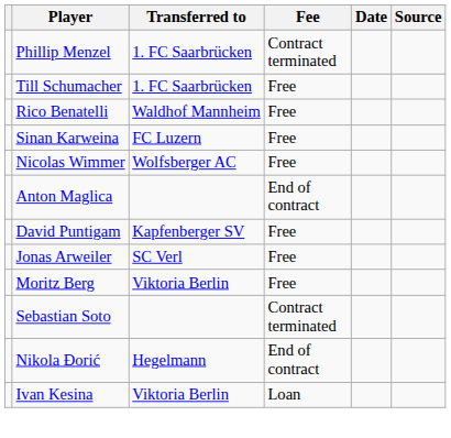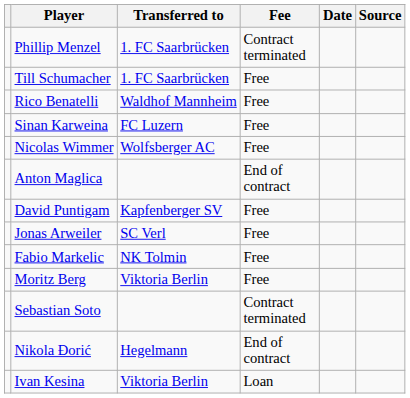 <table class="wikitable plainrowheaders sortable">
 <tr>
 <th></th>
 <th scope="col">Player</th>
 <th>Transferred to</th>
 <th style="width: 80px;">Fee</th>
 <th scope="col">Date</th>
 <th scope="col">Source</th>
 </tr>
 <tr>
 <td align="center"></td>
 <td> <a href='#'>Phillip Menzel</a></td>
 <td> <a href='#'>1. FC Saarbrücken</a></td>
 <td>Contract terminated</td>
 <td></td>
 <td></td>
 </tr>
 <tr>
 <td align="center"></td>
 <td> <a href='#'>Till Schumacher</a></td>
 <td> <a href='#'>1. FC Saarbrücken</a></td>
 <td>Free</td>
 <td></td>
 <td></td>
 </tr>
 <tr>
 <td align="center"></td>
 <td> <a href='#'>Rico Benatelli</a></td>
 <td> <a href='#'>Waldhof Mannheim</a></td>
 <td>Free</td>
 <td></td>
 <td></td>
 </tr>
 <tr>
 <td align="center"></td>
 <td> <a href='#'>Sinan Karweina</a></td>
 <td> <a href='#'>FC Luzern</a></td>
 <td>Free</td>
 <td></td>
 <td></td>
 </tr>
 <tr>
 <td align="center"></td>
 <td> <a href='#'>Nicolas Wimmer</a></td>
 <td> <a href='#'>Wolfsberger AC</a></td>
 <td>Free</td>
 <td></td>
 <td></td>
 </tr>
 <tr>
 <td align="center"></td>
 <td> <a href='#'>Anton Maglica</a></td>
 <td></td>
 <td>End of contract</td>
 <td></td>
 <td></td>
 </tr>
 <tr>
 <td align="center"></td>
 <td> <a href='#'>David Puntigam</a></td>
 <td> <a href='#'>Kapfenberger SV</a></td>
 <td>Free</td>
 <td></td>
 <td></td>
 </tr>
 <tr>
 <td align="center"></td>
 <td> <a href='#'>Jonas Arweiler</a></td>
 <td> <a href='#'>SC Verl</a></td>
 <td>Free</td>
 <td></td>
 <td></td>
 </tr>
 <tr>
 <td align="center"></td>
+<td> <a href='#'>Fabio Markelic</a></td>
+<td> <a href='#'>NK Tolmin</a></td>
+<td>Free</td>
+<td></td>
+<td></td>
+</tr>
+<tr>
+<td align="center"></td>
 <td> <a href='#'>Moritz Berg</a></td>
 <td> <a href='#'>Viktoria Berlin</a></td>
 <td>Free</td>
 <td></td>
 <td></td>
 </tr>
 <tr>
 <td align="center"></td>
 <td> <a href='#'>Sebastian Soto</a></td>
 <td></td>
 <td>Contract terminated</td>
 <td></td>
 <td></td>
 </tr>
 <tr>
 <td align="center"></td>
 <td> <a href='#'>Nikola Đorić</a></td>
 <td> <a href='#'>Hegelmann</a></td>
 <td>End of contract</td>
 <td></td>
 <td></td>
 </tr>
 <tr>
 <td align="center"></td>
 <td> <a href='#'>Ivan Kesina</a></td>
 <td> <a href='#'>Viktoria Berlin</a></td>
 <td>Loan</td>
 <td></td>
 <td></td>
 </tr>
 </table>
